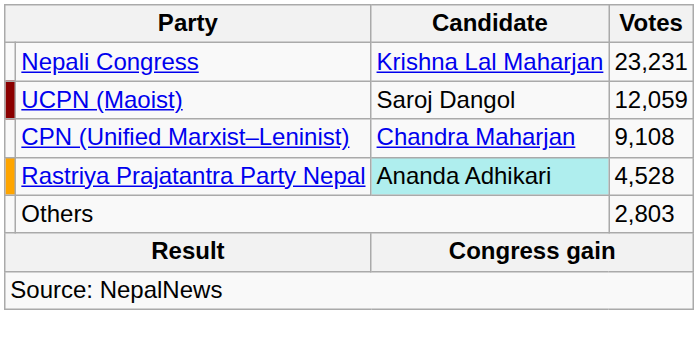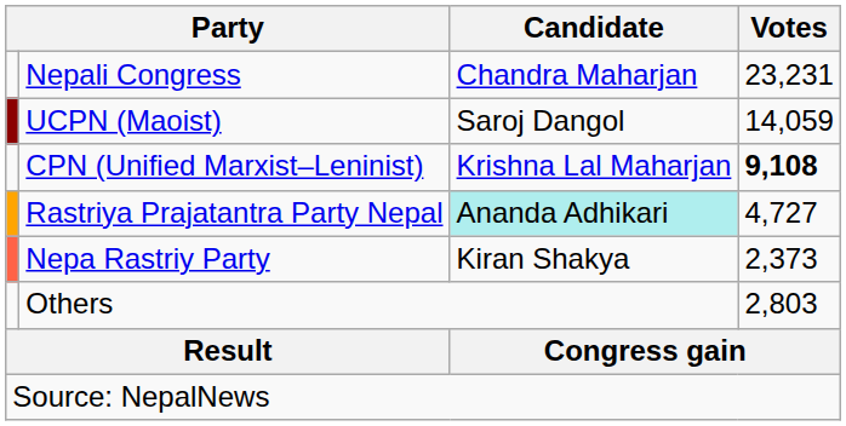 <table class="wikitable">
 <tr>
 <th colspan="2">Party</th>
 <th>Candidate</th>
 <th>Votes</th>
 </tr>
 <tr>
 <td style="background-color:"></td>
 <td><a href='#'>Nepali Congress</a></td>
-<td><a href='#'>Krishna Lal Maharjan</a></td>
+<td><a href='#'>Chandra Maharjan</a></td>
 <td>23,231</td>
 </tr>
 <tr>
 <td style="background-color:darkred"></td>
 <td><a href='#'>UCPN (Maoist)</a></td>
 <td>Saroj Dangol</td>
-<td>12,059</td>
+<td>14,059</td>
 </tr>
 <tr>
 <td style="background-color:"></td>
 <td><a href='#'>CPN (Unified Marxist–Leninist)</a></td>
-<td><a href='#'>Chandra Maharjan</a></td>
-<td>9,108</td>
+<td><a href='#'>Krishna Lal Maharjan</a></td>
+<td><strong>9,108</strong></td>
 </tr>
 <tr>
 <td style="background-color:orange"></td>
 <td><a href='#'>Rastriya Prajatantra Party Nepal</a></td>
 <td style="background: paleturquoise;">Ananda Adhikari</td>
-<td>4,528</td>
+<td>4,727</td>
+</tr>
+<tr>
+<td style="background-color:tomato"></td>
+<td><a href='#'>Nepa Rastriy Party</a></td>
+<td>Kiran Shakya</td>
+<td>2,373</td>
 </tr>
 <tr>
 <td></td>
 <td colspan="2">Others</td>
 <td>2,803</td>
 </tr>
 <tr>
 <th colspan="2">Result</th>
 <th colspan="2">Congress gain</th>
 </tr>
 <tr>
 <td colspan="4">Source: NepalNews</td>
 </tr>
 </table>
